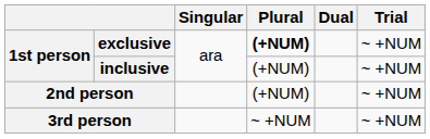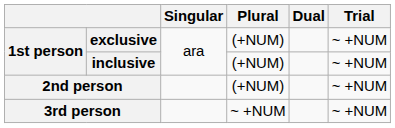 <table class="wikitable" style="text-align: center;">
 <tr>
 <th colspan="2"></th>
 <th>Singular</th>
 <th>Plural</th>
 <th>Dual</th>
 <th>Trial</th>
 </tr>
 <tr>
 <th rowspan="2">1st person</th>
 <th>exclusive</th>
 <td rowspan="2">ara</td>
-<td><strong> (+NUM)</strong></td>
+<td> (+NUM)</td>
 <td></td>
 <td> ~ +NUM</td>
 </tr>
 <tr>
 <th>inclusive</th>
 <td> (+NUM)</td>
 <td></td>
 <td> ~ +NUM</td>
 </tr>
 <tr>
 <th colspan="2">2nd person</th>
 <td></td>
 <td> (+NUM)</td>
 <td></td>
 <td> ~ +NUM</td>
 </tr>
 <tr>
 <th colspan="2">3rd person</th>
 <td></td>
 <td> ~ +NUM</td>
 <td></td>
 <td> ~ +NUM</td>
 </tr>
 </table>
